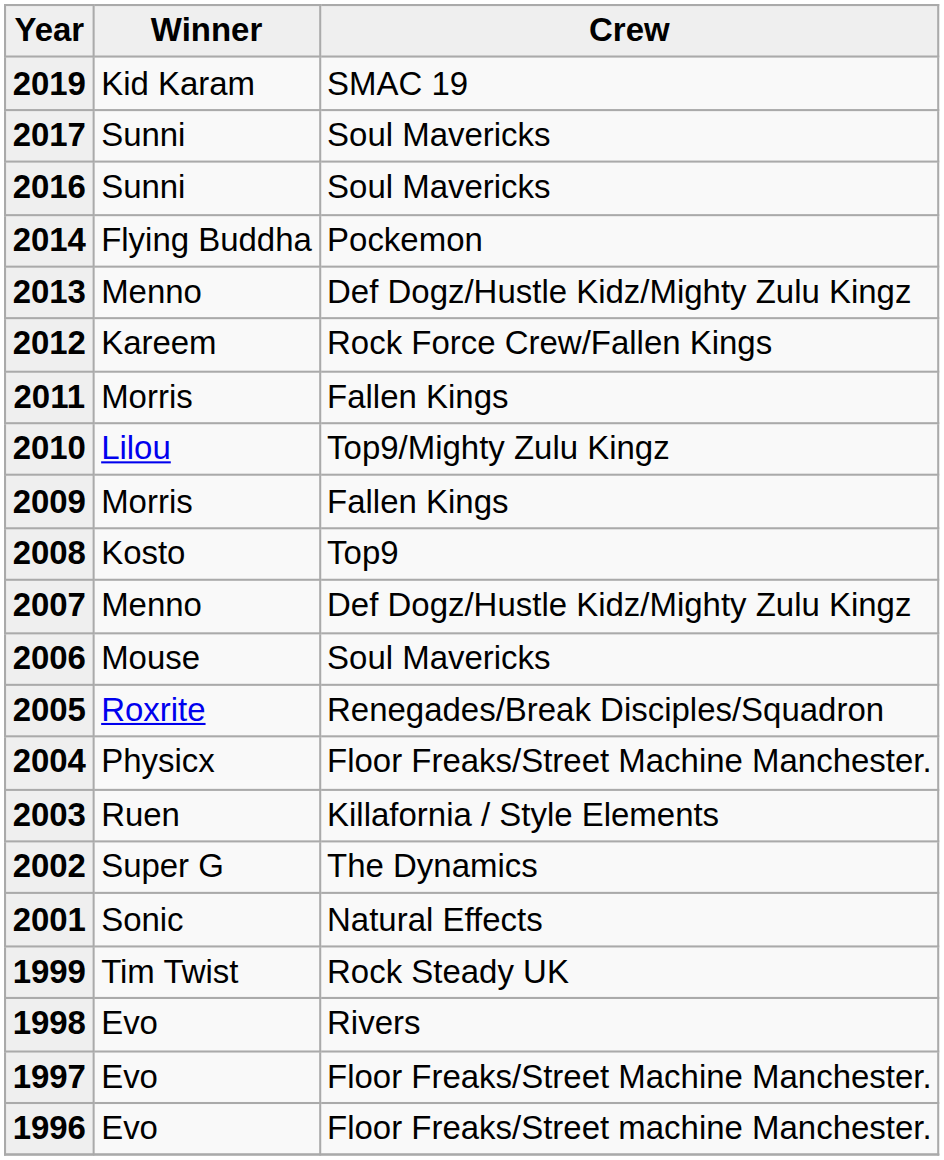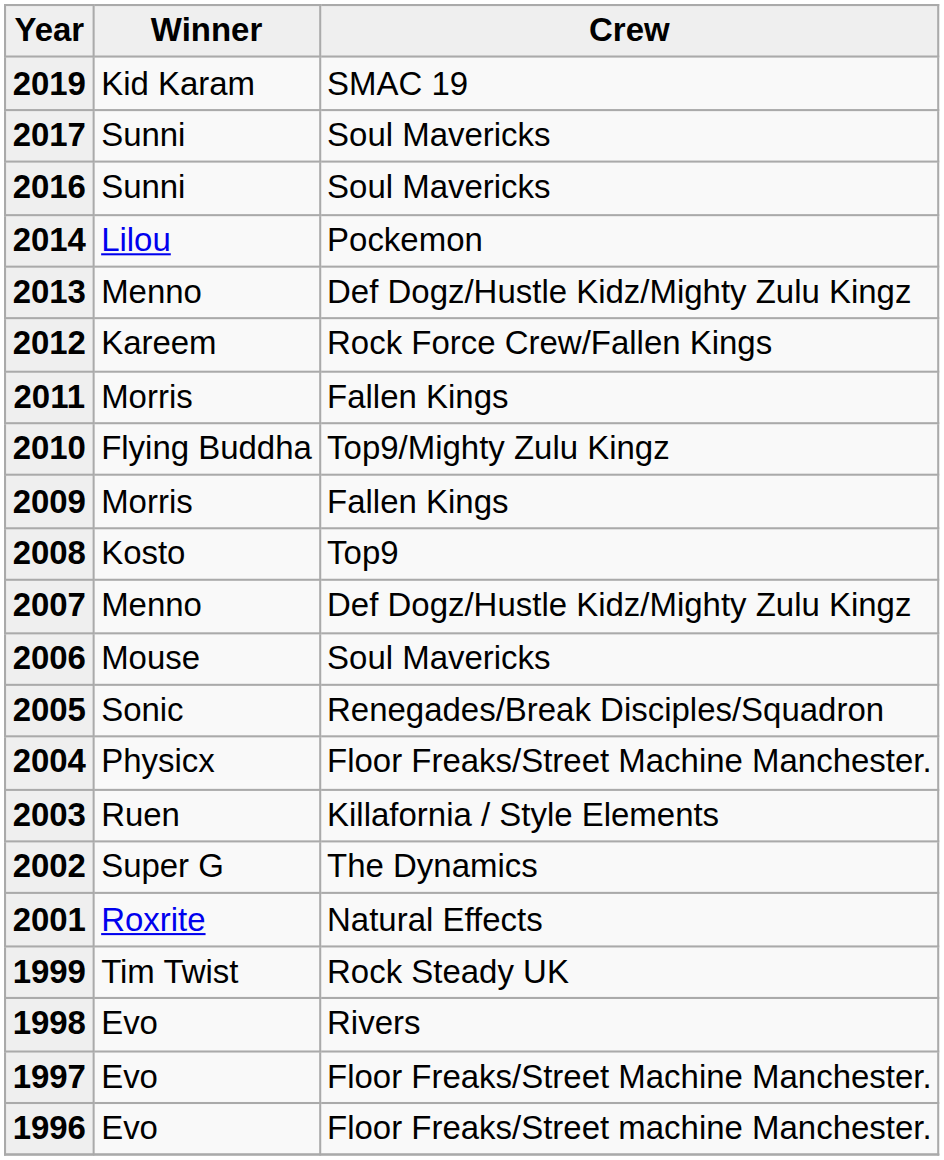 <table class="wikitable">
 <tr>
 <th scope="col" style="background:#efefef;">Year</th>
 <th scope="col" style="background:#efefef;">Winner</th>
 <th scope="col" style="background:#efefef;">Crew</th>
 </tr>
 <tr>
 <th scope="row" style="background:#efefef;">2019</th>
 <td> Kid Karam</td>
 <td>SMAC 19</td>
 </tr>
 <tr>
 <th scope="row" style="background:#efefef;">2017</th>
 <td> Sunni</td>
 <td>Soul Mavericks</td>
 </tr>
 <tr>
 <th scope="row" style="background:#efefef;">2016</th>
 <td> Sunni</td>
 <td>Soul Mavericks</td>
 </tr>
 <tr>
 <th scope="row" style="background:#efefef;">2014</th>
-<td> Flying Buddha</td>
+<td> <a href='#'>Lilou</a></td>
 <td>Pockemon</td>
 </tr>
 <tr>
 <th scope="row" style="background:#efefef;">2013</th>
 <td> Menno</td>
 <td>Def Dogz/Hustle Kidz/Mighty Zulu Kingz</td>
 </tr>
 <tr>
 <th scope="row" style="background:#efefef;">2012</th>
 <td> Kareem</td>
 <td>Rock Force Crew/Fallen Kings</td>
 </tr>
 <tr>
 <th scope="row" style="background:#efefef;">2011</th>
 <td> Morris</td>
 <td>Fallen Kings</td>
 </tr>
 <tr>
 <th scope="row" style="background:#efefef;">2010</th>
-<td> <a href='#'>Lilou</a></td>
+<td> Flying Buddha</td>
 <td>Top9/Mighty Zulu Kingz</td>
 </tr>
 <tr>
 <th scope="row" style="background:#efefef;">2009</th>
 <td> Morris</td>
 <td>Fallen Kings</td>
 </tr>
 <tr>
 <th scope="row" style="background:#efefef;">2008</th>
 <td> Kosto</td>
 <td>Top9</td>
 </tr>
 <tr>
 <th scope="row" style="background:#efefef;">2007</th>
 <td> Menno</td>
 <td>Def Dogz/Hustle Kidz/Mighty Zulu Kingz</td>
 </tr>
 <tr>
 <th scope="row" style="background:#efefef;">2006</th>
 <td> Mouse</td>
 <td>Soul Mavericks</td>
 </tr>
 <tr>
 <th scope="row" style="background:#efefef;">2005</th>
-<td> <a href='#'>Roxrite</a></td>
+<td> Sonic</td>
 <td>Renegades/Break Disciples/Squadron</td>
 </tr>
 <tr>
 <th scope="row" style="background:#efefef;">2004</th>
 <td> Physicx</td>
 <td>Floor Freaks/Street Machine Manchester.</td>
 </tr>
 <tr>
 <th scope="row" style="background:#efefef;">2003</th>
 <td> Ruen</td>
 <td>Killafornia / Style Elements</td>
 </tr>
 <tr>
 <th scope="row" style="background:#efefef;">2002</th>
 <td> Super G</td>
 <td>The Dynamics</td>
 </tr>
 <tr>
 <th scope="row" style="background:#efefef;">2001</th>
-<td> Sonic</td>
+<td> <a href='#'>Roxrite</a></td>
 <td>Natural Effects</td>
 </tr>
 <tr>
 <th scope="row" style="background:#efefef;">1999</th>
 <td> Tim Twist</td>
 <td>Rock Steady UK</td>
 </tr>
 <tr>
 <th scope="row" style="background:#efefef;">1998</th>
 <td> Evo</td>
 <td>Rivers</td>
 </tr>
 <tr>
 <th scope="row" style="background:#efefef;">1997</th>
 <td> Evo</td>
 <td>Floor Freaks/Street Machine Manchester.</td>
 </tr>
 <tr>
 <th scope="row" style="background:#efefef;">1996</th>
 <td> Evo</td>
 <td>Floor Freaks/Street machine Manchester.</td>
 </tr>
 <tr>
 </tr>
 </table>
